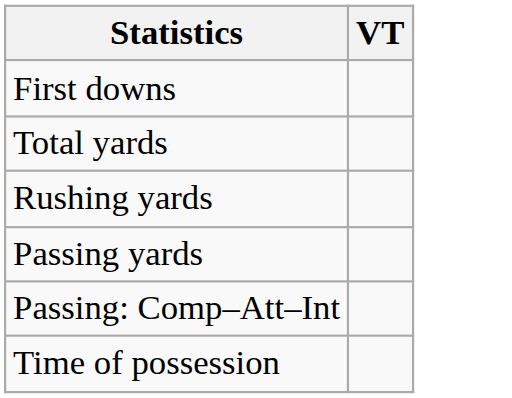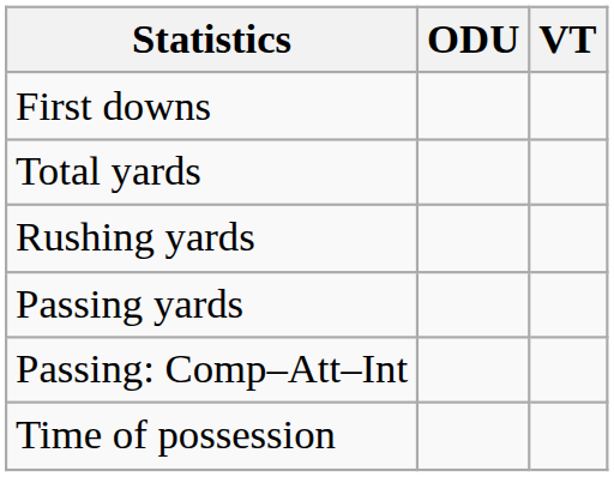 <table class="wikitable" style="float: left;">
 <tr>
 <th>Statistics</th>
+<th>ODU</th>
 <th>VT</th>
 </tr>
 <tr>
 <td>First downs</td>
 <td></td>
+<td></td>
 </tr>
 <tr>
 <td>Total yards</td>
+<td></td>
 <td></td>
 </tr>
 <tr>
 <td>Rushing yards</td>
 <td></td>
+<td></td>
 </tr>
 <tr>
 <td>Passing yards</td>
+<td></td>
 <td></td>
 </tr>
 <tr>
 <td>Passing: Comp–Att–Int</td>
 <td></td>
+<td></td>
 </tr>
 <tr>
 <td>Time of possession</td>
 <td></td>
+<td></td>
 </tr>
 </table>
